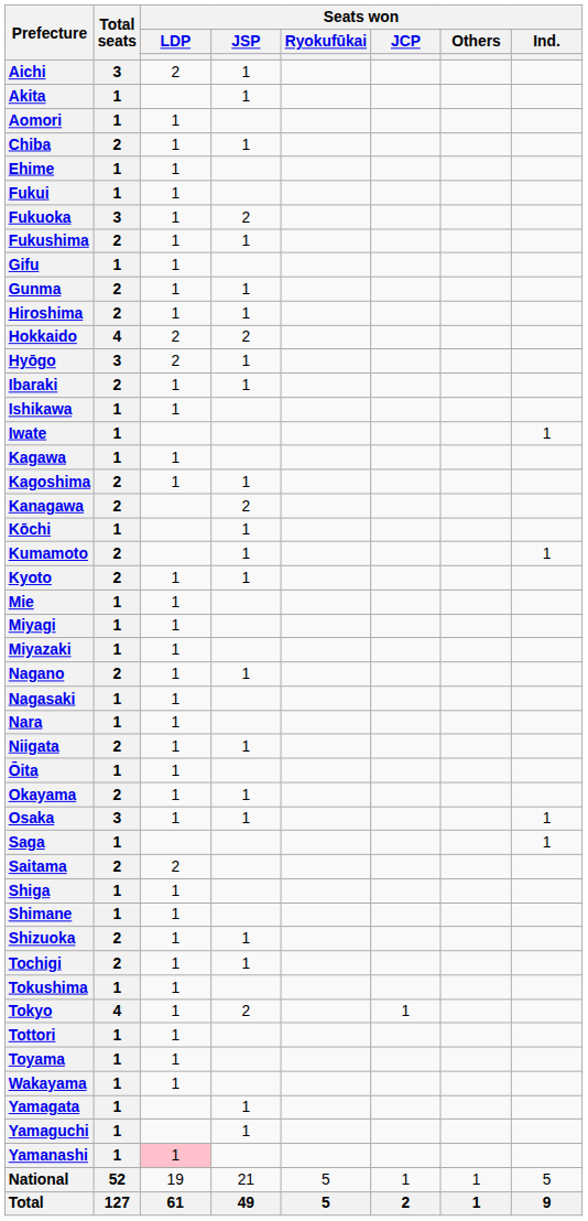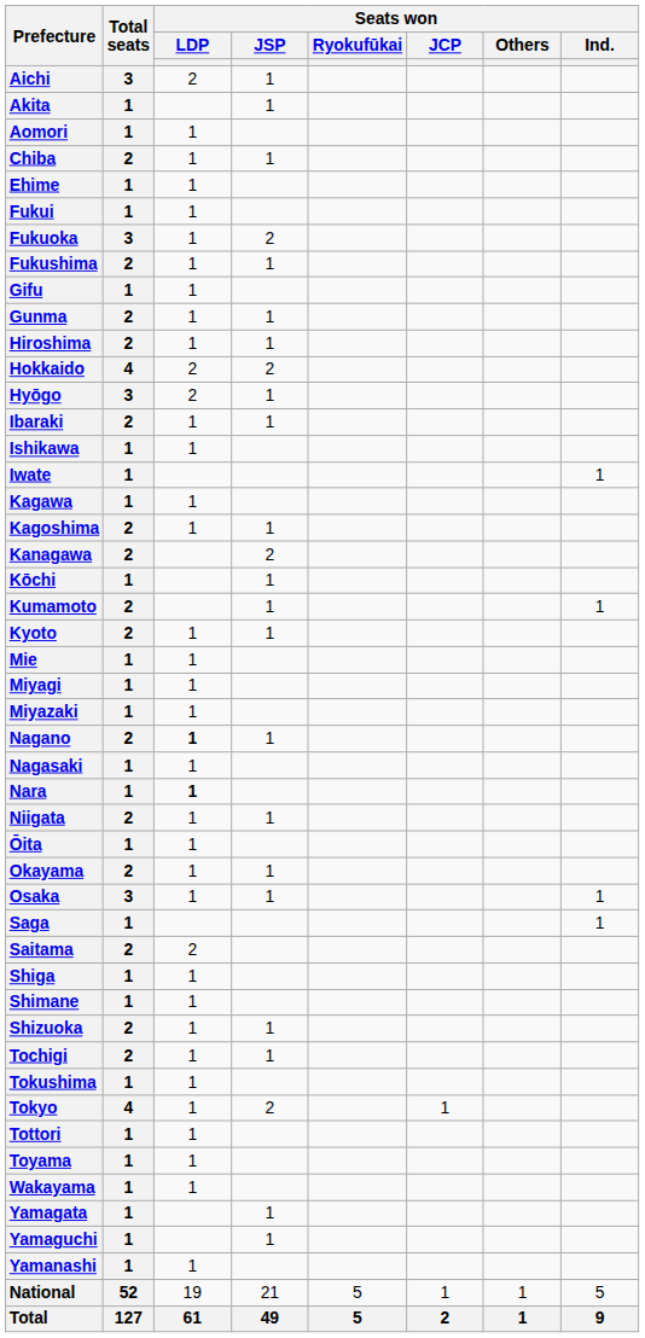 <table class="wikitable" style="text-align:center; font-size: 0.9em;">
 <tr>
 <th rowspan="3">Prefecture</th>
 <th rowspan="3">Total<br>seats</th>
 <th colspan="6">Seats won</th>
 </tr>
 <tr>
 <th class="unsortable" style="width:60px;"><a href='#'>LDP</a></th>
 <th class="unsortable" style="width:60px;"><a href='#'>JSP</a></th>
 <th class="unsortable" style="width:60px;"><a href='#'>Ryokufūkai</a></th>
 <th class="unsortable" style="width:60px;"><a href='#'>JCP</a></th>
 <th class="unsortable" style="width:60px;">Others</th>
 <th class="unsortable" style="width:60px;">Ind.</th>
 </tr>
 <tr>
 <th style="background:"></th>
 <th style="background:"></th>
 <th style="background:"></th>
 <th style="background:"></th>
 <th></th>
 <th style="background:"></th>
 </tr>
 <tr>
 <th style="text-align: left;"><a href='#'>Aichi</a></th>
 <th>3</th>
 <td>2</td>
 <td>1</td>
 <td></td>
 <td></td>
 <td></td>
 <td></td>
 </tr>
 <tr>
 <th style="text-align: left;"><a href='#'>Akita</a></th>
 <th>1</th>
 <td></td>
 <td>1</td>
 <td></td>
 <td></td>
 <td></td>
 <td></td>
 </tr>
 <tr>
 <th style="text-align: left;"><a href='#'>Aomori</a></th>
 <th>1</th>
 <td>1</td>
 <td></td>
 <td></td>
 <td></td>
 <td></td>
 <td></td>
 </tr>
 <tr>
 <th style="text-align: left;"><a href='#'>Chiba</a></th>
 <th>2</th>
 <td>1</td>
 <td>1</td>
 <td></td>
 <td></td>
 <td></td>
 <td></td>
 </tr>
 <tr>
 <th style="text-align: left;"><a href='#'>Ehime</a></th>
 <th>1</th>
 <td>1</td>
 <td></td>
 <td></td>
 <td></td>
 <td></td>
 <td></td>
 </tr>
 <tr>
 <th style="text-align: left;"><a href='#'>Fukui</a></th>
 <th>1</th>
 <td>1</td>
 <td></td>
 <td></td>
 <td></td>
 <td></td>
 <td></td>
 </tr>
 <tr>
 <th style="text-align: left;"><a href='#'>Fukuoka</a></th>
 <th>3</th>
 <td>1</td>
 <td>2</td>
 <td></td>
 <td></td>
 <td></td>
 <td></td>
 </tr>
 <tr>
 <th style="text-align: left;"><a href='#'>Fukushima</a></th>
 <th>2</th>
 <td>1</td>
 <td>1</td>
 <td></td>
 <td></td>
 <td></td>
 <td></td>
 </tr>
 <tr>
 <th style="text-align: left;"><a href='#'>Gifu</a></th>
 <th>1</th>
 <td>1</td>
 <td></td>
 <td></td>
 <td></td>
 <td></td>
 <td></td>
 </tr>
 <tr>
 <th style="text-align: left;"><a href='#'>Gunma</a></th>
 <th>2</th>
 <td>1</td>
 <td>1</td>
 <td></td>
 <td></td>
 <td></td>
 <td></td>
 </tr>
 <tr>
 <th style="text-align: left;"><a href='#'>Hiroshima</a></th>
 <th>2</th>
 <td>1</td>
 <td>1</td>
 <td></td>
 <td></td>
 <td></td>
 <td></td>
 </tr>
 <tr>
 <th style="text-align: left;"><a href='#'>Hokkaido</a></th>
 <th>4</th>
 <td>2</td>
 <td>2</td>
 <td></td>
 <td></td>
 <td></td>
 <td></td>
 </tr>
 <tr>
 <th style="text-align: left;"><a href='#'>Hyōgo</a></th>
 <th>3</th>
 <td>2</td>
 <td>1</td>
 <td></td>
 <td></td>
 <td></td>
 <td></td>
 </tr>
 <tr>
 <th style="text-align: left;"><a href='#'>Ibaraki</a></th>
 <th>2</th>
 <td>1</td>
 <td>1</td>
 <td></td>
 <td></td>
 <td></td>
 <td></td>
 </tr>
 <tr>
 <th style="text-align: left;"><a href='#'>Ishikawa</a></th>
 <th>1</th>
 <td>1</td>
 <td></td>
 <td></td>
 <td></td>
 <td></td>
 <td></td>
 </tr>
 <tr>
 <th style="text-align: left;"><a href='#'>Iwate</a></th>
 <th>1</th>
 <td></td>
 <td></td>
 <td></td>
 <td></td>
 <td></td>
 <td>1</td>
 </tr>
 <tr>
 <th style="text-align: left;"><a href='#'>Kagawa</a></th>
 <th>1</th>
 <td>1</td>
 <td></td>
 <td></td>
 <td></td>
 <td></td>
 <td></td>
 </tr>
 <tr>
 <th style="text-align: left;"><a href='#'>Kagoshima</a></th>
 <th>2</th>
 <td>1</td>
 <td>1</td>
 <td></td>
 <td></td>
 <td></td>
 <td></td>
 </tr>
 <tr>
 <th style="text-align: left;"><a href='#'>Kanagawa</a></th>
 <th>2</th>
 <td></td>
 <td>2</td>
 <td></td>
 <td></td>
 <td></td>
 <td></td>
 </tr>
 <tr>
 <th style="text-align: left;"><a href='#'>Kōchi</a></th>
 <th>1</th>
 <td></td>
 <td>1</td>
 <td></td>
 <td></td>
 <td></td>
 <td></td>
 </tr>
 <tr>
 <th style="text-align: left;"><a href='#'>Kumamoto</a></th>
 <th>2</th>
 <td></td>
 <td>1</td>
 <td></td>
 <td></td>
 <td></td>
 <td>1</td>
 </tr>
 <tr>
 <th style="text-align: left;"><a href='#'>Kyoto</a></th>
 <th>2</th>
 <td>1</td>
 <td>1</td>
 <td></td>
 <td></td>
 <td></td>
 <td></td>
 </tr>
 <tr>
 <th style="text-align: left;"><a href='#'>Mie</a></th>
 <th>1</th>
 <td>1</td>
 <td></td>
 <td></td>
 <td></td>
 <td></td>
 <td></td>
 </tr>
 <tr>
 <th style="text-align: left;"><a href='#'>Miyagi</a></th>
 <th>1</th>
 <td>1</td>
 <td></td>
 <td></td>
 <td></td>
 <td></td>
 <td></td>
 </tr>
 <tr>
 <th style="text-align: left;"><a href='#'>Miyazaki</a></th>
 <th>1</th>
 <td>1</td>
 <td></td>
 <td></td>
 <td></td>
 <td></td>
 <td></td>
 </tr>
 <tr>
 <th style="text-align: left;"><a href='#'>Nagano</a></th>
 <th>2</th>
-<td>1</td>
+<td><strong>1</strong></td>
 <td>1</td>
 <td></td>
 <td></td>
 <td></td>
 <td></td>
 </tr>
 <tr>
 <th style="text-align: left;"><a href='#'>Nagasaki</a></th>
 <th>1</th>
 <td>1</td>
 <td></td>
 <td></td>
 <td></td>
 <td></td>
 <td></td>
 </tr>
 <tr>
 <th style="text-align: left;"><a href='#'>Nara</a></th>
 <th>1</th>
-<td>1</td>
+<td><strong>1</strong></td>
 <td></td>
 <td></td>
 <td></td>
 <td></td>
 <td></td>
 </tr>
 <tr>
 <th style="text-align: left;"><a href='#'>Niigata</a></th>
 <th>2</th>
 <td>1</td>
 <td>1</td>
 <td></td>
 <td></td>
 <td></td>
 <td></td>
 </tr>
 <tr>
 <th style="text-align: left;"><a href='#'>Ōita</a></th>
 <th>1</th>
 <td>1</td>
 <td></td>
 <td></td>
 <td></td>
 <td></td>
 <td></td>
 </tr>
 <tr>
 <th style="text-align: left;"><a href='#'>Okayama</a></th>
 <th>2</th>
 <td>1</td>
 <td>1</td>
 <td></td>
 <td></td>
 <td></td>
 <td></td>
 </tr>
 <tr>
 <th style="text-align: left;"><a href='#'>Osaka</a></th>
 <th>3</th>
 <td>1</td>
 <td>1</td>
 <td></td>
 <td></td>
 <td></td>
 <td>1</td>
 </tr>
 <tr>
 <th style="text-align: left;"><a href='#'>Saga</a></th>
 <th>1</th>
 <td></td>
 <td></td>
 <td></td>
 <td></td>
 <td></td>
 <td>1</td>
 </tr>
 <tr>
 <th style="text-align: left;"><a href='#'>Saitama</a></th>
 <th>2</th>
 <td>2</td>
 <td></td>
 <td></td>
 <td></td>
 <td></td>
 <td></td>
 </tr>
 <tr>
 <th style="text-align: left;"><a href='#'>Shiga</a></th>
 <th>1</th>
 <td>1</td>
 <td></td>
 <td></td>
 <td></td>
 <td></td>
 <td></td>
 </tr>
 <tr>
 <th style="text-align: left;"><a href='#'>Shimane</a></th>
 <th>1</th>
 <td>1</td>
 <td></td>
 <td></td>
 <td></td>
 <td></td>
 <td></td>
 </tr>
 <tr>
 <th style="text-align: left;"><a href='#'>Shizuoka</a></th>
 <th>2</th>
 <td>1</td>
 <td>1</td>
 <td></td>
 <td></td>
 <td></td>
 <td></td>
 </tr>
 <tr>
 <th style="text-align: left;"><a href='#'>Tochigi</a></th>
 <th>2</th>
 <td>1</td>
 <td>1</td>
 <td></td>
 <td></td>
 <td></td>
 <td></td>
 </tr>
 <tr>
 <th style="text-align: left;"><a href='#'>Tokushima</a></th>
 <th>1</th>
 <td>1</td>
 <td></td>
 <td></td>
 <td></td>
 <td></td>
 <td></td>
 </tr>
 <tr>
 <th style="text-align: left;"><a href='#'>Tokyo</a></th>
 <th>4</th>
 <td>1</td>
 <td>2</td>
 <td></td>
 <td>1</td>
 <td></td>
 <td></td>
 </tr>
 <tr>
 <th style="text-align: left;"><a href='#'>Tottori</a></th>
 <th>1</th>
 <td>1</td>
 <td></td>
 <td></td>
 <td></td>
 <td></td>
 <td></td>
 </tr>
 <tr>
 <th style="text-align: left;"><a href='#'>Toyama</a></th>
 <th>1</th>
 <td>1</td>
 <td></td>
 <td></td>
 <td></td>
 <td></td>
 <td></td>
 </tr>
 <tr>
 <th style="text-align: left;"><a href='#'>Wakayama</a></th>
 <th>1</th>
 <td>1</td>
 <td></td>
 <td></td>
 <td></td>
 <td></td>
 <td></td>
 </tr>
 <tr>
 <th style="text-align: left;"><a href='#'>Yamagata</a></th>
 <th>1</th>
 <td></td>
 <td>1</td>
 <td></td>
 <td></td>
 <td></td>
 <td></td>
 </tr>
 <tr>
 <th style="text-align: left;"><a href='#'>Yamaguchi</a></th>
 <th>1</th>
 <td></td>
 <td>1</td>
 <td></td>
 <td></td>
 <td></td>
 <td></td>
 </tr>
 <tr>
 <th style="text-align: left;"><a href='#'>Yamanashi</a></th>
 <th>1</th>
-<td style="background: pink;">1</td>
+<td>1</td>
 <td></td>
 <td></td>
 <td></td>
 <td></td>
 <td></td>
 </tr>
 <tr>
 <th style="text-align: left;">National</th>
 <th>52</th>
 <td>19</td>
 <td>21</td>
 <td>5</td>
 <td>1</td>
 <td>1</td>
 <td>5</td>
 </tr>
 <tr class="sortbottom">
 <th style="text-align: left;">Total</th>
 <th>127</th>
 <th>61</th>
 <th>49</th>
 <th>5</th>
 <th>2</th>
 <th>1</th>
 <th>9</th>
 </tr>
 </table>
